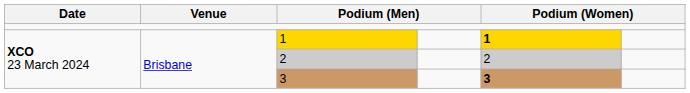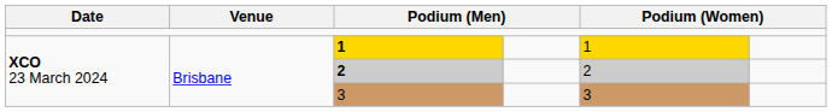 <table class="wikitable" width=70%>
 <tr>
 <th>Date</th>
 <th width=20%>Venue</th>
 <th colspan=2 width=30%>Podium (Men)</th>
 <th colspan=2 width=30%>Podium (Women)</th>
 </tr>
 <tr>
 <td colspan=6></td>
 </tr>
 <tr>
 <td rowspan=3><strong>XCO</strong> <br> 23 March 2024</td>
 <td rowspan=3><br><a href='#'>Brisbane</a></td>
+<td bgcolor=FFD700><strong>1</strong></td>
+<td></td>
 <td bgcolor=FFD700>1</td>
-<td></td>
-<td bgcolor=FFD700><strong>1</strong></td>
 <td></td>
 </tr>
 <tr>
-<td bgcolor=CCCCCC>2</td>
+<td bgcolor=CCCCCC><strong>2</strong></td>
 <td></td>
 <td bgcolor=CCCCCC>2</td>
 <td></td>
 </tr>
 <tr>
 <td bgcolor=CC9966>3</td>
 <td></td>
-<td bgcolor=CC9966><strong>3</strong></td>
+<td bgcolor=CC9966>3</td>
 <td></td>
 </tr>
 </table>
